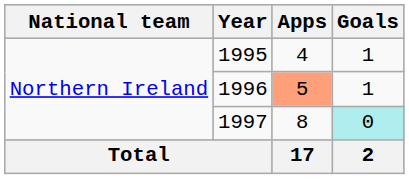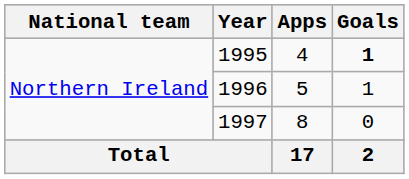 <table class=wikitable style="text-align: center">
 <tr>
 <th>National team</th>
 <th>Year</th>
 <th>Apps</th>
 <th>Goals</th>
 </tr>
 <tr>
 <td rowspan=3><a href='#'>Northern Ireland</a></td>
 <td>1995</td>
 <td>4</td>
-<td>1</td>
+<td><strong>1</strong></td>
 </tr>
 <tr>
 <td>1996</td>
-<td style="background: lightsalmon;">5</td>
+<td>5</td>
 <td>1</td>
 </tr>
 <tr>
 <td>1997</td>
 <td>8</td>
-<td style="background: paleturquoise;">0</td>
+<td>0</td>
 </tr>
 <tr>
 <th colspan=2>Total</th>
 <th>17</th>
 <th>2</th>
 </tr>
 </table>
